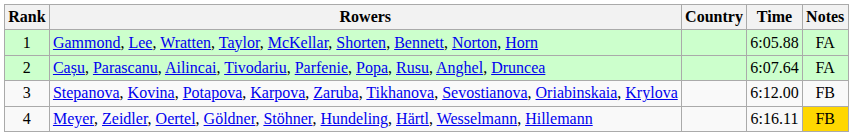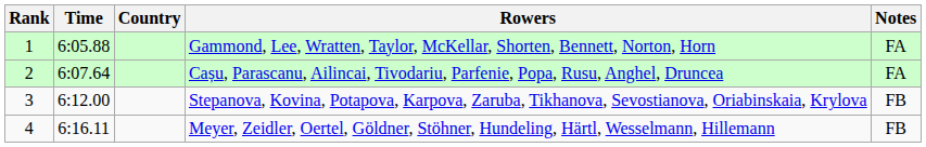 <table class="wikitable" style="text-align:center">
 <tr>
 <th>Rank</th>
+<th>Time</th>
+<th>Country</th>
 <th>Rowers</th>
-<th>Country</th>
-<th>Time</th>
 <th>Notes</th>
 </tr>
 <tr bgcolor=ccffcc>
 <td>1</td>
+<td>6:05.88</td>
+<td align="left"></td>
 <td align="left"><a href='#'>Gammond</a>, <a href='#'>Lee</a>, <a href='#'>Wratten</a>, <a href='#'>Taylor</a>, <a href='#'>McKellar</a>, <a href='#'>Shorten</a>, <a href='#'>Bennett</a>, <a href='#'>Norton</a>, <a href='#'>Horn</a></td>
-<td align="left"></td>
-<td>6:05.88</td>
 <td>FA</td>
 </tr>
 <tr bgcolor=ccffcc>
 <td>2</td>
+<td>6:07.64</td>
+<td align="left"></td>
 <td align="left"><a href='#'>Cașu</a>, <a href='#'>Parascanu</a>, <a href='#'>Ailincai</a>, <a href='#'>Tivodariu</a>, <a href='#'>Parfenie</a>, <a href='#'>Popa</a>, <a href='#'>Rusu</a>, <a href='#'>Anghel</a>, <a href='#'>Druncea</a></td>
-<td align="left"></td>
-<td>6:07.64</td>
 <td>FA</td>
 </tr>
 <tr>
 <td>3</td>
+<td>6:12.00</td>
+<td align="left"></td>
 <td align="left"><a href='#'>Stepanova</a>, <a href='#'>Kovina</a>, <a href='#'>Potapova</a>, <a href='#'>Karpova</a>, <a href='#'>Zaruba</a>, <a href='#'>Tikhanova</a>, <a href='#'>Sevostianova</a>, <a href='#'>Oriabinskaia</a>, <a href='#'>Krylova</a></td>
-<td align="left"></td>
-<td>6:12.00</td>
 <td>FB</td>
 </tr>
 <tr>
 <td>4</td>
+<td>6:16.11</td>
+<td align="left"></td>
 <td align="left"><a href='#'>Meyer</a>, <a href='#'>Zeidler</a>, <a href='#'>Oertel</a>, <a href='#'>Göldner</a>, <a href='#'>Stöhner</a>, <a href='#'>Hundeling</a>, <a href='#'>Härtl</a>, <a href='#'>Wesselmann</a>, <a href='#'>Hillemann</a></td>
-<td align="left"></td>
-<td>6:16.11</td>
-<td style="background: gold;">FB</td>
+<td>FB</td>
 </tr>
 </table>
